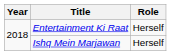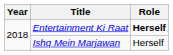 <table class="wikitable">
 <tr>
 <th>Year</th>
 <th>Title</th>
 <th>Role</th>
 </tr>
 <tr>
 <td rowspan="2">2018</td>
 <td><em><a href='#'>Entertainment Ki Raat</a></em></td>
-<td>Herself</td>
+<td><strong>Herself</strong></td>
 </tr>
 <tr>
 <td><em><a href='#'>Ishq Mein Marjawan</a></em></td>
 <td>Herself</td>
 </tr>
 </table>
